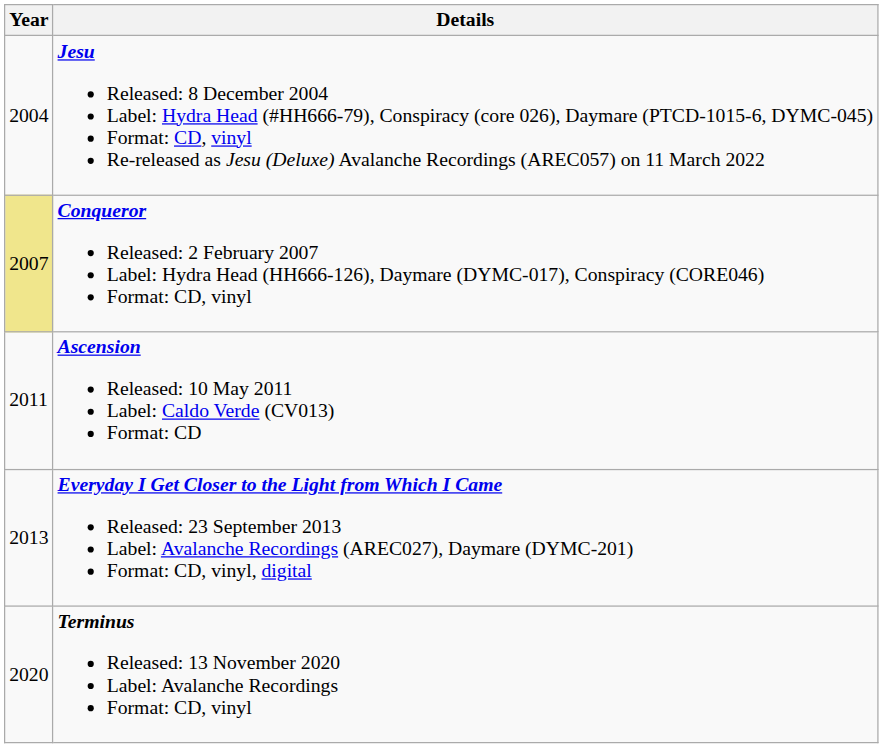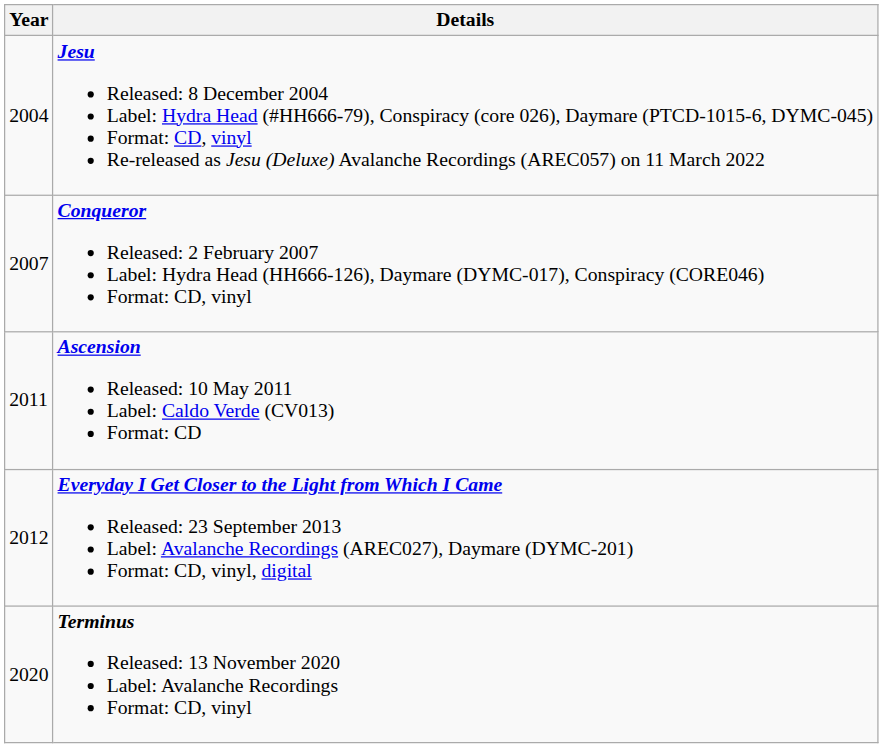 <table class="wikitable">
 <tr>
 <th>Year</th>
 <th>Details</th>
 </tr>
 <tr>
 <td>2004</td>
 <td><strong><em><a href='#'>Jesu</a></em></strong><br><ul><li>Released: 8 December 2004</li><li>Label: <a href='#'>Hydra Head</a> (#HH666-79), Conspiracy (core 026), Daymare (PTCD-1015-6, DYMC-045)</li><li>Format: <a href='#'>CD</a>, <a href='#'>vinyl</a></li><li>Re-released as <em>Jesu (Deluxe)</em> Avalanche Recordings (AREC057) on 11 March 2022</li></ul></td>
 </tr>
 <tr>
-<td style="background: khaki;">2007</td>
+<td>2007</td>
 <td><strong><em><a href='#'>Conqueror</a></em></strong><br><ul><li>Released: 2 February 2007</li><li>Label: Hydra Head (HH666-126), Daymare (DYMC-017), Conspiracy (CORE046)</li><li>Format: CD, vinyl</li></ul></td>
 </tr>
 <tr>
 <td>2011</td>
 <td><strong><em><a href='#'>Ascension</a></em></strong><br><ul><li>Released: 10 May 2011</li><li>Label: <a href='#'>Caldo Verde</a> (CV013)</li><li>Format: CD</li></ul></td>
 </tr>
 <tr>
-<td>2013</td>
+<td>2012</td>
 <td><strong><em><a href='#'>Everyday I Get Closer to the Light from Which I Came</a></em></strong><br><ul><li>Released: 23 September 2013</li><li>Label: <a href='#'>Avalanche Recordings</a> (AREC027), Daymare (DYMC-201)</li><li>Format: CD, vinyl, <a href='#'>digital</a></li></ul></td>
 </tr>
 <tr>
 <td>2020</td>
 <td><strong><em>Terminus</em></strong><br><ul><li>Released: 13 November 2020</li><li>Label: Avalanche Recordings</li><li>Format: CD, vinyl</li></ul></td>
 </tr>
 </table>
